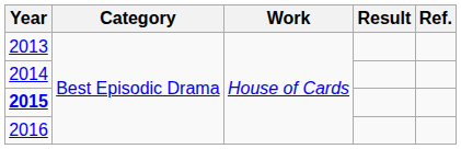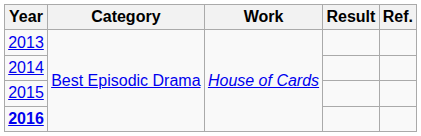 <table class="wikitable plainrowheaders">
 <tr>
 <th scope="col">Year</th>
 <th scope="col">Category</th>
 <th scope="col">Work</th>
 <th scope="col">Result</th>
 <th scope="col">Ref.</th>
 </tr>
 <tr>
 <td style="text-align:center"><a href='#'>2013</a></td>
 <td rowspan="4"><a href='#'>Best Episodic Drama</a></td>
 <td rowspan="4"><em><a href='#'>House of Cards</a></em></td>
 <td></td>
 <td style="text-align:center"></td>
 </tr>
 <tr>
 <td style="text-align:center"><a href='#'>2014</a></td>
 <td></td>
 <td style="text-align:center"></td>
 </tr>
 <tr>
-<td style="text-align:center"><strong><a href='#'>2015</a></strong></td>
+<td style="text-align:center"><a href='#'>2015</a></td>
 <td></td>
 <td style="text-align:center"></td>
 </tr>
 <tr>
-<td style="text-align:center"><a href='#'>2016</a></td>
+<td style="text-align:center"><strong><a href='#'>2016</a></strong></td>
 <td></td>
 <td style="text-align:center"></td>
 </tr>
 <tr>
 </tr>
 </table>
